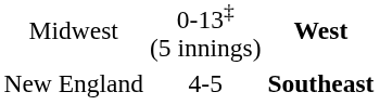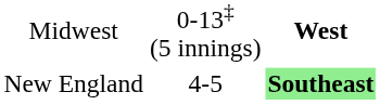 <table>
 <tr>
 <td align=center>Midwest</td>
 <td align=center>0-13<sup>‡</sup><br>(5 innings)</td>
 <td align=center><strong>West</strong></td>
 </tr>
 <tr>
 <td align=center>New England</td>
 <td align=center>4-5</td>
-<td align=center><strong>Southeast</strong></td>
+<td align=center style="background: lightgreen;"><strong>Southeast</strong></td>
 </tr>
 </table>
